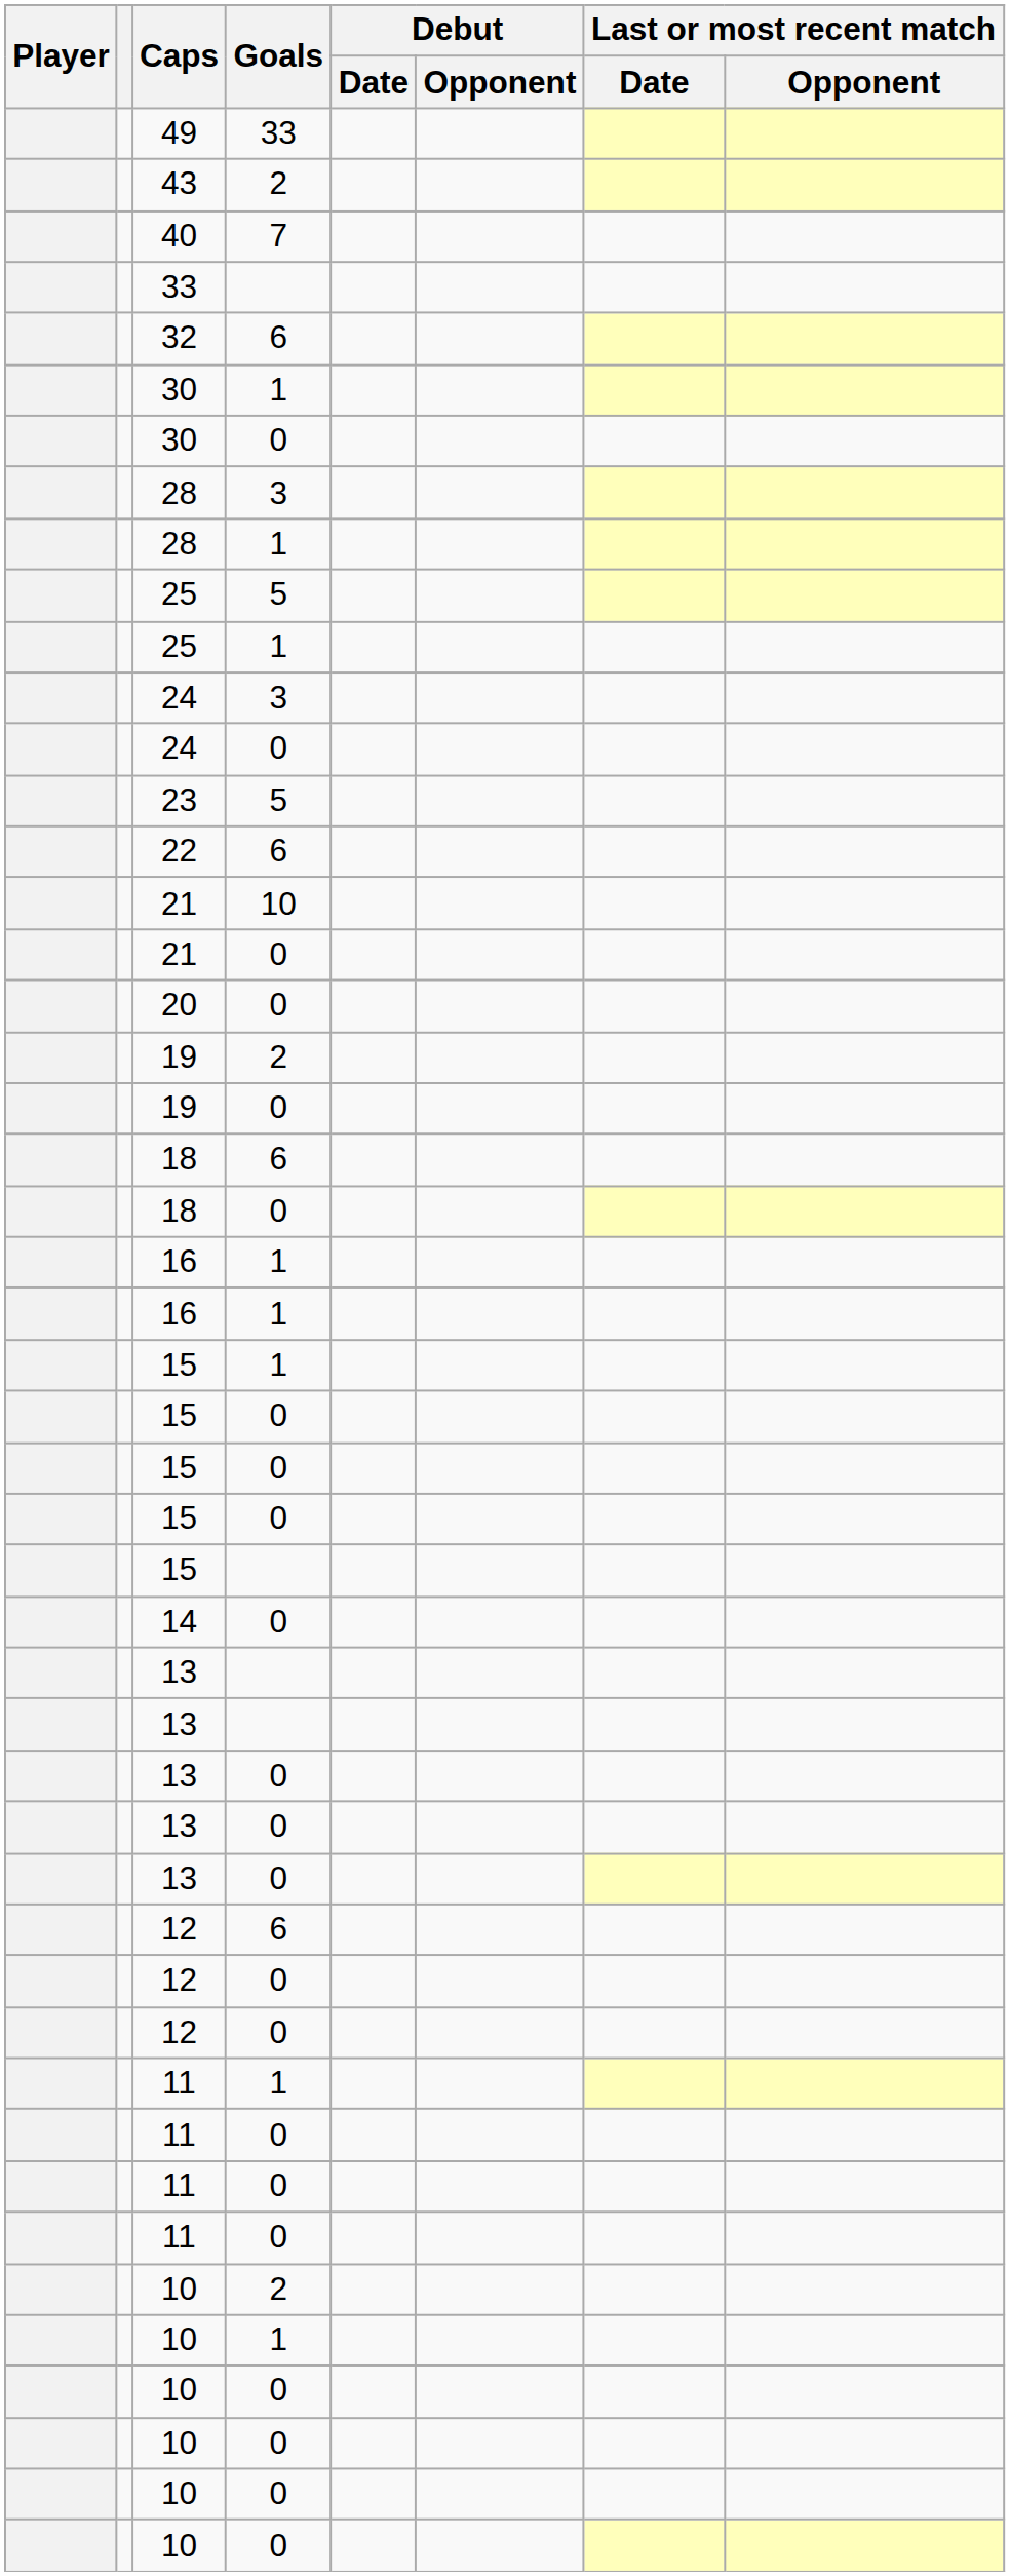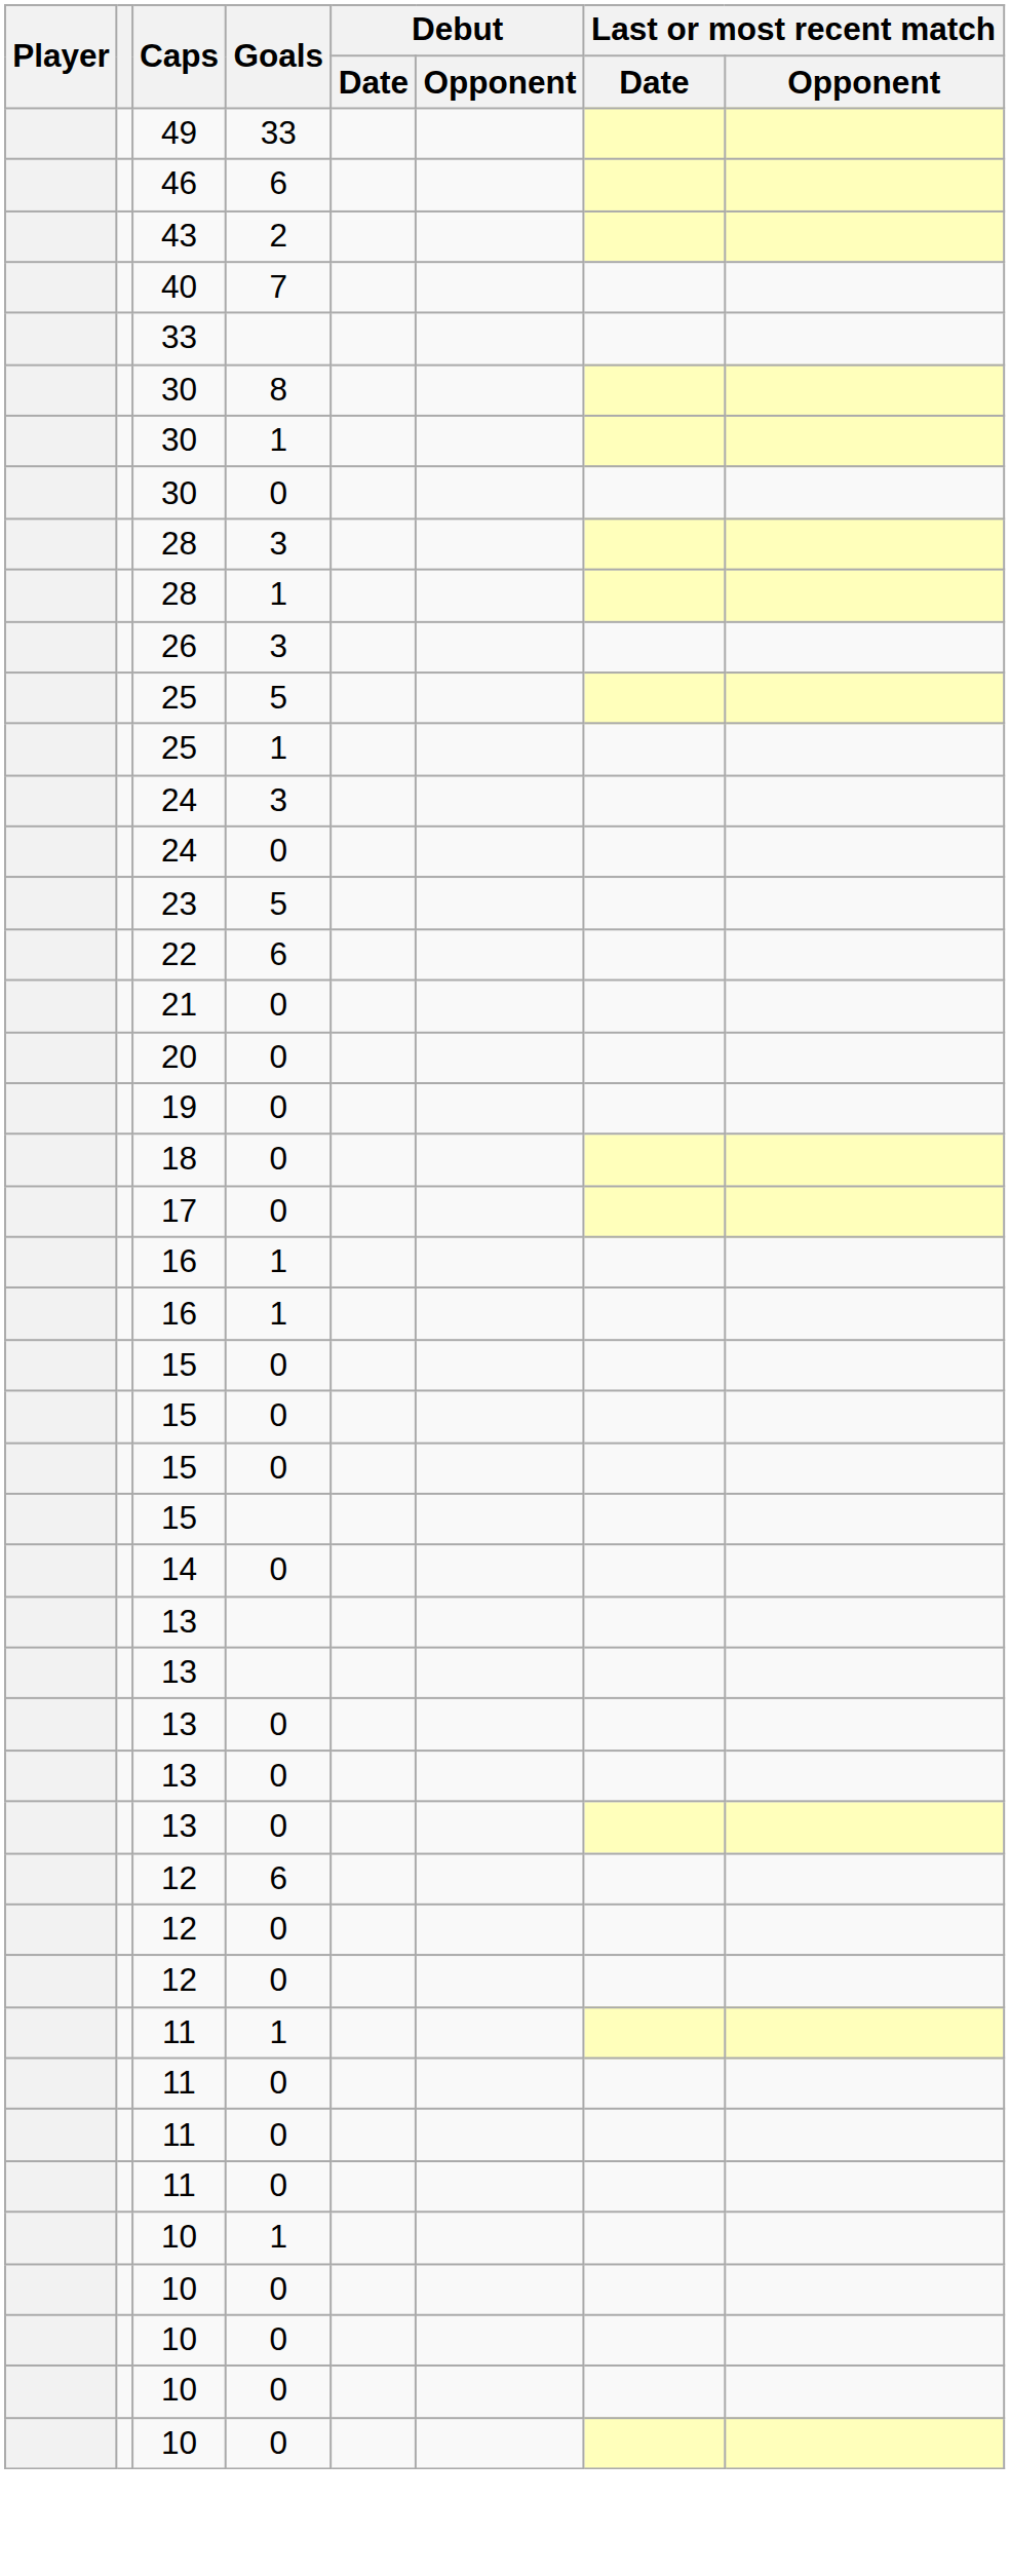 <table class="wikitable plainrowheaders sortable sticky-header-multi" style="text-align: center">
 <tr>
 <th scope=col rowspan=2>Player</th>
 <th scope=col rowspan=2></th>
 <th scope=col rowspan=2>Caps</th>
 <th scope=col rowspan=2>Goals</th>
 <th scope=col colspan=2>Debut</th>
 <th scope=col colspan=2>Last or most recent match</th>
 </tr>
 <tr class=unsortable>
 <th scope=col>Date</th>
 <th scope=col>Opponent</th>
 <th scope=col>Date</th>
 <th scope=col>Opponent<br> </th>
 </tr>
 <tr>
 <th scope=row></th>
 <td></td>
 <td>49</td>
 <td>33</td>
+<td align=left></td>
+<td align=left></td>
+<td align=left bgcolor=#FFFFBB></td>
+<td align=left bgcolor=#FFFFBB></td>
+</tr>
+<tr>
+<th scope=row></th>
+<td></td>
+<td>46</td>
+<td>6</td>
 <td align=left></td>
 <td align=left></td>
 <td align=left bgcolor=#FFFFBB></td>
 <td align=left bgcolor=#FFFFBB></td>
 </tr>
 <tr>
 <th scope=row></th>
 <td></td>
 <td>43</td>
 <td>2</td>
 <td align=left></td>
 <td align=left></td>
 <td align=left bgcolor=#FFFFBB></td>
 <td align=left bgcolor=#FFFFBB></td>
 </tr>
 <tr>
 <th scope=row></th>
 <td></td>
 <td>40</td>
 <td>7</td>
 <td align=left></td>
 <td align=left></td>
 <td align=left></td>
 <td align=left></td>
 </tr>
 <tr>
 <th scope=row></th>
 <td></td>
 <td>33</td>
 <td></td>
 <td align=left></td>
 <td align=left></td>
 <td align=left></td>
 <td align=left></td>
 </tr>
 <tr>
 <th scope=row></th>
 <td></td>
-<td>32</td>
-<td>6</td>
+<td>30</td>
+<td>8</td>
 <td align=left></td>
 <td align=left></td>
 <td align=left bgcolor=#FFFFBB></td>
 <td align=left bgcolor=#FFFFBB></td>
 </tr>
 <tr>
 <th scope=row></th>
 <td></td>
 <td>30</td>
 <td>1</td>
 <td align=left></td>
 <td align=left></td>
 <td align=left bgcolor=#FFFFBB></td>
 <td align=left bgcolor=#FFFFBB></td>
 </tr>
 <tr>
 <th scope=row></th>
 <td></td>
 <td>30</td>
 <td>0</td>
 <td align=left></td>
 <td align=left></td>
 <td align=left></td>
 <td align=left></td>
 </tr>
 <tr>
 <th scope=row></th>
 <td></td>
 <td>28</td>
 <td>3</td>
 <td align=left></td>
 <td align=left></td>
 <td align=left bgcolor=#FFFFBB></td>
 <td align=left bgcolor=#FFFFBB></td>
 </tr>
 <tr>
 <th scope=row></th>
 <td></td>
 <td>28</td>
 <td>1</td>
 <td align=left></td>
 <td align=left></td>
 <td align=left bgcolor=#FFFFBB></td>
 <td align=left bgcolor=#FFFFBB></td>
+</tr>
+<tr>
+<th scope=row></th>
+<td></td>
+<td>26</td>
+<td>3</td>
+<td align=left></td>
+<td align=left></td>
+<td align=left></td>
+<td align=left></td>
 </tr>
 <tr>
 <th scope=row></th>
 <td></td>
 <td>25</td>
 <td>5</td>
 <td align=left></td>
 <td align=left></td>
 <td align=left bgcolor=#FFFFBB></td>
 <td align=left bgcolor=#FFFFBB></td>
 </tr>
 <tr>
 <th scope=row></th>
 <td></td>
 <td>25</td>
 <td>1</td>
 <td align=left></td>
 <td align=left></td>
 <td align=left></td>
 <td align=left></td>
 </tr>
 <tr>
 <th scope=row></th>
 <td></td>
 <td>24</td>
 <td>3</td>
 <td align=left></td>
 <td align=left></td>
 <td align=left></td>
 <td align=left></td>
 </tr>
 <tr>
 <th scope=row></th>
 <td></td>
 <td>24</td>
 <td>0</td>
 <td align=left></td>
 <td align=left></td>
 <td align=left></td>
 <td align=left></td>
 </tr>
 <tr>
 <th scope=row></th>
 <td></td>
 <td>23</td>
 <td>5</td>
 <td align=left></td>
 <td align=left></td>
 <td align=left></td>
 <td align=left></td>
 </tr>
 <tr>
 <th scope=row></th>
 <td></td>
 <td>22</td>
 <td>6</td>
 <td align=left></td>
 <td align=left></td>
 <td align=left></td>
 <td align=left></td>
 </tr>
 <tr>
 <th scope=row></th>
 <td></td>
 <td>21</td>
-<td>10</td>
-<td align=left></td>
-<td align=left></td>
-<td align=left></td>
-<td align=left></td>
-</tr>
-<tr>
-<th scope=row></th>
-<td></td>
-<td>21</td>
 <td>0</td>
 <td align=left></td>
 <td align=left></td>
 <td align=left></td>
 <td align=left></td>
 </tr>
 <tr>
 <th scope=row></th>
 <td></td>
 <td>20</td>
 <td>0</td>
 <td align=left></td>
 <td align=left></td>
 <td align=left></td>
 <td align=left></td>
 </tr>
 <tr>
 <th scope=row></th>
 <td></td>
 <td>19</td>
-<td>2</td>
-<td align=left></td>
-<td align=left></td>
-<td align=left></td>
-<td align=left></td>
-</tr>
-<tr>
-<th scope=row></th>
-<td></td>
-<td>19</td>
 <td>0</td>
 <td align=left></td>
 <td align=left></td>
 <td align=left></td>
 <td align=left></td>
 </tr>
 <tr>
 <th scope=row></th>
 <td></td>
 <td>18</td>
-<td>6</td>
+<td>0</td>
 <td align=left></td>
 <td align=left></td>
-<td align=left></td>
-<td align=left></td>
+<td align=left bgcolor=#FFFFBB></td>
+<td align=left bgcolor=#FFFFBB></td>
 </tr>
 <tr>
 <th scope=row></th>
 <td></td>
-<td>18</td>
+<td>17</td>
 <td>0</td>
 <td align=left></td>
 <td align=left></td>
 <td align=left bgcolor=#FFFFBB></td>
 <td align=left bgcolor=#FFFFBB></td>
 </tr>
 <tr>
 <th scope=row></th>
 <td></td>
 <td>16</td>
 <td>1</td>
 <td align=left></td>
 <td align=left></td>
 <td align=left></td>
 <td align=left></td>
 </tr>
 <tr>
 <th scope=row></th>
 <td></td>
 <td>16</td>
-<td>1</td>
-<td align=left></td>
-<td align=left></td>
-<td align=left></td>
-<td align=left></td>
-</tr>
-<tr>
-<th scope=row></th>
-<td></td>
-<td>15</td>
 <td>1</td>
 <td align=left></td>
 <td align=left></td>
 <td align=left></td>
 <td align=left></td>
 </tr>
 <tr>
 <th scope=row></th>
 <td></td>
 <td>15</td>
 <td>0</td>
 <td align=left></td>
 <td align=left></td>
 <td align=left></td>
 <td align=left></td>
 </tr>
 <tr>
 <th scope=row></th>
 <td></td>
 <td>15</td>
 <td>0</td>
 <td align=left></td>
 <td align=left></td>
 <td align=left></td>
 <td align=left></td>
 </tr>
 <tr>
 <th scope=row></th>
 <td></td>
 <td>15</td>
 <td>0</td>
 <td align=left></td>
 <td align=left></td>
 <td align=left></td>
 <td align=left></td>
 </tr>
 <tr>
 <th scope=row></th>
 <td></td>
 <td>15</td>
 <td></td>
 <td align=left></td>
 <td align=left></td>
 <td align=left></td>
 <td align=left></td>
 </tr>
 <tr>
 <th scope=row></th>
 <td></td>
 <td>14</td>
 <td>0</td>
 <td align=left></td>
 <td align=left></td>
 <td align=left></td>
 <td align=left></td>
 </tr>
 <tr>
 <th scope=row></th>
 <td></td>
 <td>13</td>
 <td></td>
 <td align=left></td>
 <td align=left></td>
 <td align=left></td>
 <td align=left></td>
 </tr>
 <tr>
 <th scope=row></th>
 <td></td>
 <td>13</td>
 <td></td>
 <td align=left></td>
 <td align=left></td>
 <td align=left></td>
 <td align=left></td>
 </tr>
 <tr>
 <th scope=row></th>
 <td></td>
 <td>13</td>
 <td>0</td>
 <td align=left></td>
 <td align=left></td>
 <td align=left></td>
 <td align=left></td>
 </tr>
 <tr>
 <th scope=row></th>
 <td></td>
 <td>13</td>
 <td>0</td>
 <td align=left></td>
 <td align=left></td>
 <td align=left></td>
 <td align=left></td>
 </tr>
 <tr>
 <th scope=row></th>
 <td></td>
 <td>13</td>
 <td>0</td>
 <td align=left></td>
 <td align=left></td>
 <td align=left bgcolor=#FFFFBB></td>
 <td align=left bgcolor=#FFFFBB></td>
 </tr>
 <tr>
 <th scope=row></th>
 <td></td>
 <td>12</td>
 <td>6</td>
 <td align=left></td>
 <td align=left></td>
 <td align=left></td>
 <td align=left></td>
 </tr>
 <tr>
 <th scope=row></th>
 <td></td>
 <td>12</td>
 <td>0</td>
 <td align=left></td>
 <td align=left></td>
 <td align=left></td>
 <td align=left></td>
 </tr>
 <tr>
 <th scope=row></th>
 <td></td>
 <td>12</td>
 <td>0</td>
 <td align=left></td>
 <td align=left></td>
 <td align=left></td>
 <td align=left></td>
 </tr>
 <tr>
 <th scope=row></th>
 <td></td>
 <td>11</td>
 <td>1</td>
 <td align=left></td>
 <td align=left></td>
 <td align=left bgcolor=#FFFFBB></td>
 <td align=left bgcolor=#FFFFBB></td>
 </tr>
 <tr>
 <th scope=row></th>
 <td></td>
 <td>11</td>
 <td>0</td>
 <td align=left></td>
 <td align=left></td>
 <td align=left></td>
 <td align=left></td>
 </tr>
 <tr>
 <th scope=row></th>
 <td></td>
 <td>11</td>
 <td>0</td>
 <td align=left></td>
 <td align=left></td>
 <td align=left></td>
 <td align=left></td>
 </tr>
 <tr>
 <th scope=row></th>
 <td></td>
 <td>11</td>
 <td>0</td>
 <td align=left></td>
 <td align=left></td>
 <td align=left></td>
 <td align=left></td>
 </tr>
 <tr>
 <th scope=row></th>
 <td></td>
 <td>10</td>
-<td>2</td>
-<td align=left></td>
-<td align=left></td>
-<td align=left></td>
-<td align=left></td>
-</tr>
-<tr>
-<th scope=row></th>
-<td></td>
-<td>10</td>
 <td>1</td>
 <td align=left></td>
 <td align=left></td>
 <td align=left></td>
 <td align=left></td>
 </tr>
 <tr>
 <th scope=row></th>
 <td></td>
 <td>10</td>
 <td>0</td>
 <td align=left></td>
 <td align=left></td>
 <td align=left></td>
 <td align=left></td>
 </tr>
 <tr>
 <th scope=row></th>
 <td></td>
 <td>10</td>
 <td>0</td>
 <td align=left></td>
 <td align=left></td>
 <td align=left></td>
 <td align=left></td>
 </tr>
 <tr>
 <th scope=row></th>
 <td></td>
 <td>10</td>
 <td>0</td>
 <td align=left></td>
 <td align=left></td>
 <td align=left></td>
 <td align=left></td>
 </tr>
 <tr>
 <th scope=row></th>
 <td></td>
 <td>10</td>
 <td>0</td>
 <td align=left></td>
 <td align=left></td>
 <td align=left bgcolor=#FFFFBB></td>
 <td align=left bgcolor=#FFFFBB></td>
 </tr>
 </table>
